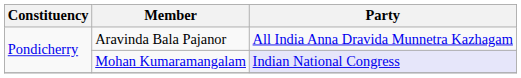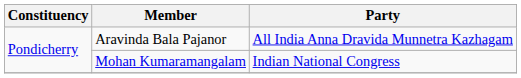 <table class="wikitable sortable">
 <tr>
 <th>Constituency</th>
 <th>Member</th>
 <th>Party</th>
 </tr>
 <tr>
 <td rowspan=2><a href='#'>Pondicherry</a></td>
 <td>Aravinda Bala Pajanor</td>
 <td><a href='#'>All India Anna Dravida Munnetra Kazhagam</a></td>
 </tr>
 <tr>
 <td><a href='#'>Mohan Kumaramangalam</a></td>
-<td style="background: lavender;"><a href='#'>Indian National Congress</a></td>
+<td><a href='#'>Indian National Congress</a></td>
 </tr>
 <tr>
 </tr>
 </table>
